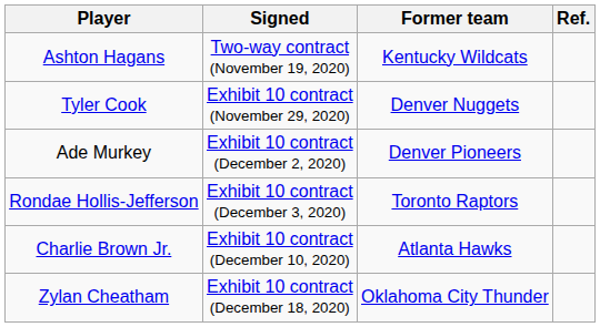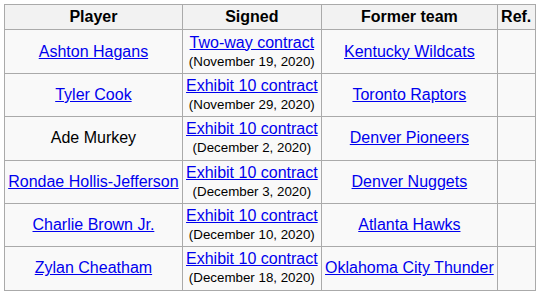 <table class="wikitable sortable sortable" style="text-align: center">
 <tr>
 <th>Player</th>
 <th>Signed</th>
 <th>Former team</th>
 <th>Ref.</th>
 </tr>
 <tr>
 <td><a href='#'>Ashton Hagans</a></td>
 <td><a href='#'>Two-way contract</a><br><small>(November 19, 2020)</small></td>
 <td><a href='#'>Kentucky Wildcats</a></td>
 <td></td>
 </tr>
 <tr>
 <td><a href='#'>Tyler Cook</a></td>
 <td><a href='#'>Exhibit 10 contract</a><br><small>(November 29, 2020)</small></td>
-<td><a href='#'>Denver Nuggets</a></td>
+<td><a href='#'>Toronto Raptors</a></td>
 <td></td>
 </tr>
 <tr>
 <td>Ade Murkey</td>
 <td><a href='#'>Exhibit 10 contract</a><br><small>(December 2, 2020)</small></td>
 <td><a href='#'>Denver Pioneers</a></td>
 <td></td>
 </tr>
 <tr>
 <td><a href='#'>Rondae Hollis-Jefferson</a></td>
 <td><a href='#'>Exhibit 10 contract</a><br><small>(December 3, 2020)</small></td>
-<td><a href='#'>Toronto Raptors</a></td>
+<td><a href='#'>Denver Nuggets</a></td>
 <td></td>
 </tr>
 <tr>
 <td><a href='#'>Charlie Brown Jr.</a></td>
 <td><a href='#'>Exhibit 10 contract</a><br><small>(December 10, 2020)</small></td>
 <td><a href='#'>Atlanta Hawks</a></td>
 <td></td>
 </tr>
 <tr>
 <td><a href='#'>Zylan Cheatham</a></td>
 <td><a href='#'>Exhibit 10 contract</a><br><small>(December 18, 2020)</small></td>
 <td><a href='#'>Oklahoma City Thunder</a></td>
 <td></td>
 </tr>
 </table>
